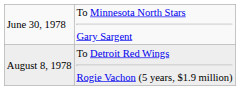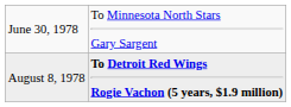 <table class="wikitable">
 <tr>
 <td>June 30, 1978</td>
 <td valign="top">To <a href='#'>Minnesota North Stars</a><hr><a href='#'>Gary Sargent</a></td>
 </tr>
 <tr style="background:#eee;">
 <td>August 8, 1978</td>
-<td valign="top">To <a href='#'>Detroit Red Wings</a><hr><a href='#'>Rogie Vachon</a> (5 years, $1.9 million)</td>
+<td valign="top"><strong>To <a href='#'>Detroit Red Wings</a><hr><a href='#'>Rogie Vachon</a> (5 years, $1.9 million)</strong></td>
 </tr>
 </table>
